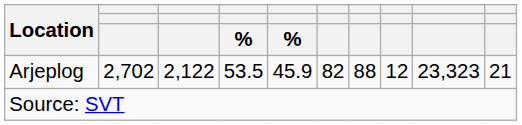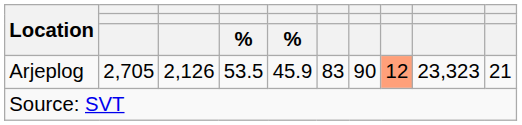 <table role="presentation" class="wikitable sortable mw-collapsible">
 <tr>
 <th rowspan="3">Location</th>
 <th></th>
 <th></th>
 <th></th>
 <th></th>
 <th></th>
 <th></th>
 <th></th>
 <th></th>
 <th></th>
 </tr>
 <tr>
 <th></th>
 <th></th>
 <th style="background:"></th>
 <th style="background:"></th>
 <th></th>
 <th></th>
 <th></th>
 <th></th>
 <th></th>
 </tr>
 <tr>
 <th data-sort-type="number"></th>
 <th data-sort-type="number"></th>
 <th data-sort-type="number">%</th>
 <th data-sort-type="number">%</th>
 <th data-sort-type="number"></th>
 <th data-sort-type="number"></th>
 <th data-sort-type="number"></th>
 <th data-sort-type="number"></th>
 <th data-sort-type="number"></th>
 </tr>
 <tr>
 <td align="left">Arjeplog</td>
-<td>2,702</td>
-<td>2,122</td>
+<td>2,705</td>
+<td>2,126</td>
 <td>53.5</td>
 <td>45.9</td>
-<td>82</td>
-<td>88</td>
-<td>12</td>
+<td>83</td>
+<td>90</td>
+<td style="background: lightsalmon;">12</td>
 <td>23,323</td>
 <td>21</td>
 </tr>
 <tr>
 <td colspan="10" align="left">Source: <a href='#'>SVT</a></td>
 </tr>
 </table>
